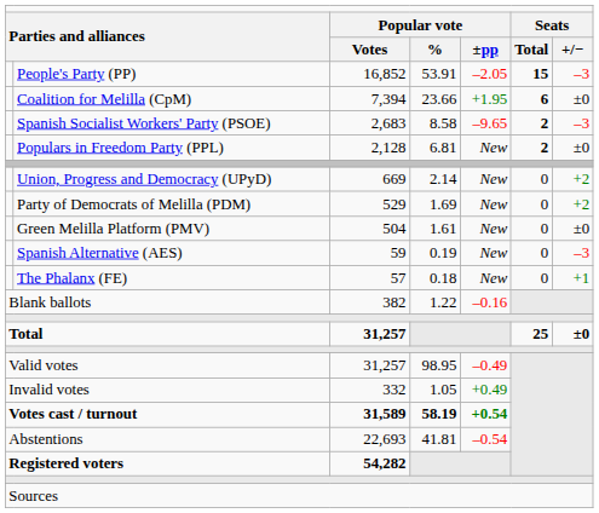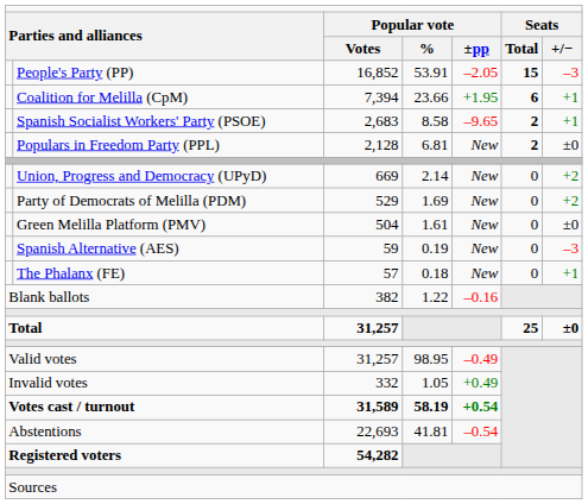 <table class="wikitable" style="text-align:right;">
 <tr>
 <td colspan="7"></td>
 </tr>
 <tr>
 <th style="text-align:left;" rowspan="2" colspan="2" width="525">Parties and alliances</th>
 <th colspan="3">Popular vote</th>
 <th colspan="2">Seats</th>
 </tr>
 <tr>
 <th width="75">Votes</th>
 <th width="45">%</th>
 <th width="45">±<a href='#'>pp</a></th>
 <th width="35">Total</th>
 <th width="35">+/−</th>
 </tr>
 <tr>
 <td width="1" style="color:inherit;background:"></td>
 <td align="left"><a href='#'>People's Party</a> (PP)</td>
 <td>16,852</td>
 <td>53.91</td>
 <td style="color:red;">–2.05</td>
 <td><strong>15</strong></td>
 <td style="color:red;">–3</td>
 </tr>
 <tr>
 <td style="color:inherit;background:"></td>
 <td align="left"><a href='#'>Coalition for Melilla</a> (CpM)</td>
 <td>7,394</td>
 <td>23.66</td>
 <td style="color:green;">+1.95</td>
 <td><strong>6</strong></td>
-<td>±0</td>
+<td style="color:green;">+1</td>
 </tr>
 <tr>
 <td style="color:inherit;background:"></td>
 <td align="left"><a href='#'>Spanish Socialist Workers' Party</a> (PSOE)</td>
 <td>2,683</td>
 <td>8.58</td>
 <td style="color:red;">–9.65</td>
 <td><strong>2</strong></td>
-<td style="color:red;">–3</td>
+<td style="color:green;">+1</td>
 </tr>
 <tr>
 <td style="color:inherit;background:"></td>
 <td align="left"><a href='#'>Populars in Freedom Party</a> (PPL)</td>
 <td>2,128</td>
 <td>6.81</td>
 <td><em>New</em></td>
 <td><strong>2</strong></td>
 <td>±0</td>
 </tr>
 <tr>
 <td colspan="7" bgcolor="#C0C0C0"></td>
 </tr>
 <tr>
 <td style="color:inherit;background:"></td>
 <td align="left"><a href='#'>Union, Progress and Democracy</a> (UPyD)</td>
 <td>669</td>
 <td>2.14</td>
 <td><em>New</em></td>
 <td>0</td>
 <td style="color:green;">+2</td>
 </tr>
 <tr>
 <td style="color:inherit;background:"></td>
 <td align="left">Party of Democrats of Melilla (PDM)</td>
 <td>529</td>
 <td>1.69</td>
 <td><em>New</em></td>
 <td>0</td>
 <td style="color:green;">+2</td>
 </tr>
 <tr>
 <td style="color:inherit;background:"></td>
 <td align="left">Green Melilla Platform (PMV)</td>
 <td>504</td>
 <td>1.61</td>
 <td><em>New</em></td>
 <td>0</td>
 <td>±0</td>
 </tr>
 <tr>
 <td style="color:inherit;background:"></td>
 <td align="left"><a href='#'>Spanish Alternative</a> (AES)</td>
 <td>59</td>
 <td>0.19</td>
 <td><em>New</em></td>
 <td>0</td>
 <td style="color:red;">–3</td>
 </tr>
 <tr>
 <td style="color:inherit;background:"></td>
 <td align="left"><a href='#'>The Phalanx</a> (FE)</td>
 <td>57</td>
 <td>0.18</td>
 <td><em>New</em></td>
 <td>0</td>
 <td style="color:green;">+1</td>
 </tr>
 <tr>
 <td align="left" colspan="2">Blank ballots</td>
 <td>382</td>
 <td>1.22</td>
 <td style="color:red;">–0.16</td>
 <td bgcolor="#E9E9E9" colspan="2"></td>
 </tr>
 <tr>
 <td colspan="7" bgcolor="#E9E9E9"></td>
 </tr>
 <tr style="font-weight:bold;">
 <td align="left" colspan="2">Total</td>
 <td>31,257</td>
 <td bgcolor="#E9E9E9" colspan="2"></td>
 <td>25</td>
 <td>±0</td>
 </tr>
 <tr>
 <td colspan="7" bgcolor="#E9E9E9"></td>
 </tr>
 <tr>
 <td align="left" colspan="2">Valid votes</td>
 <td>31,257</td>
 <td>98.95</td>
 <td style="color:red;">–0.49</td>
 <td bgcolor="#E9E9E9" colspan="2" rowspan="5"></td>
 </tr>
 <tr>
 <td align="left" colspan="2">Invalid votes</td>
 <td>332</td>
 <td>1.05</td>
 <td style="color:green;">+0.49</td>
 </tr>
 <tr style="font-weight:bold;">
 <td align="left" colspan="2">Votes cast / turnout</td>
 <td>31,589</td>
 <td>58.19</td>
 <td style="color:green;">+0.54</td>
 </tr>
 <tr>
 <td align="left" colspan="2">Abstentions</td>
 <td>22,693</td>
 <td>41.81</td>
 <td style="color:red;">–0.54</td>
 </tr>
 <tr style="font-weight:bold;">
 <td align="left" colspan="2">Registered voters</td>
 <td>54,282</td>
 <td bgcolor="#E9E9E9" colspan="2"></td>
 </tr>
 <tr>
 <td colspan="7" bgcolor="#E9E9E9"></td>
 </tr>
 <tr>
 <td align="left" colspan="7">Sources</td>
 </tr>
 </table>
